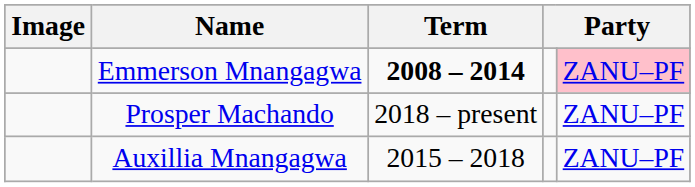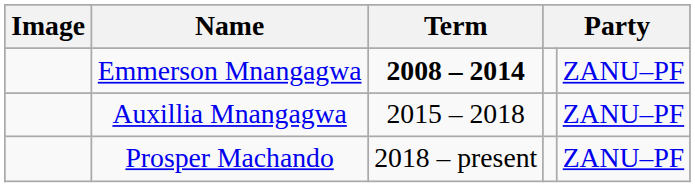 <table class="wikitable" style="text-align:center">
 <tr>
 <th>Image</th>
 <th>Name</th>
 <th>Term</th>
 <th colspan="2">Party</th>
 </tr>
 <tr>
 <td></td>
 <td><a href='#'>Emmerson Mnangagwa</a></td>
 <td><strong>2008 – 2014</strong></td>
 <td style="background-color: "></td>
-<td style="background: pink;"><a href='#'>ZANU–PF</a></td>
-</tr>
-<tr>
-<td></td>
-<td><a href='#'>Prosper Machando</a></td>
-<td>2018 – present</td>
-<td style="background-color: "></td>
 <td><a href='#'>ZANU–PF</a></td>
 </tr>
 <tr>
 <td></td>
 <td><a href='#'>Auxillia Mnangagwa</a></td>
 <td>2015 – 2018</td>
 <td style="background-color: "></td>
 <td><a href='#'>ZANU–PF</a></td>
 </tr>
+<tr>
+<td></td>
+<td><a href='#'>Prosper Machando</a></td>
+<td>2018 – present</td>
+<td style="background-color: "></td>
+<td><a href='#'>ZANU–PF</a></td>
+</tr>
 </table>
